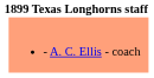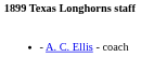 <table class="toccolours" style="border-collapse:collapse; font-size:90%;">
 <tr>
 <th colspan=9>1899 Texas Longhorns staff</th>
 </tr>
 <tr>
 <td width="03"> </td>
-<td valign="top" style="background: lightsalmon;"><br><ul><li>- <a href='#'>A. C. Ellis</a> - coach</li></ul></td>
+<td valign="top"><br><ul><li>- <a href='#'>A. C. Ellis</a> - coach</li></ul></td>
 </tr>
 </table>
